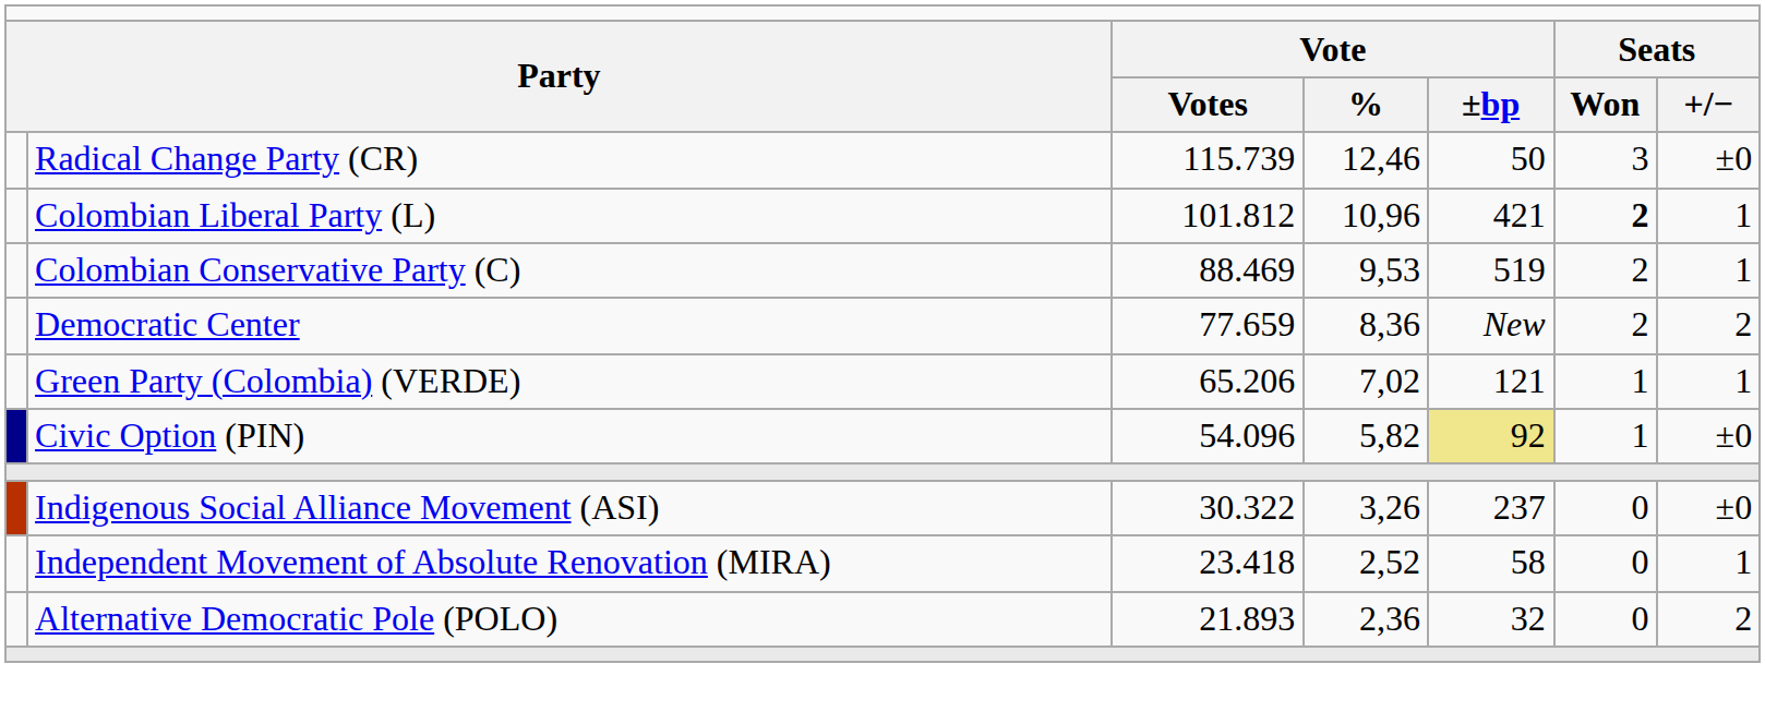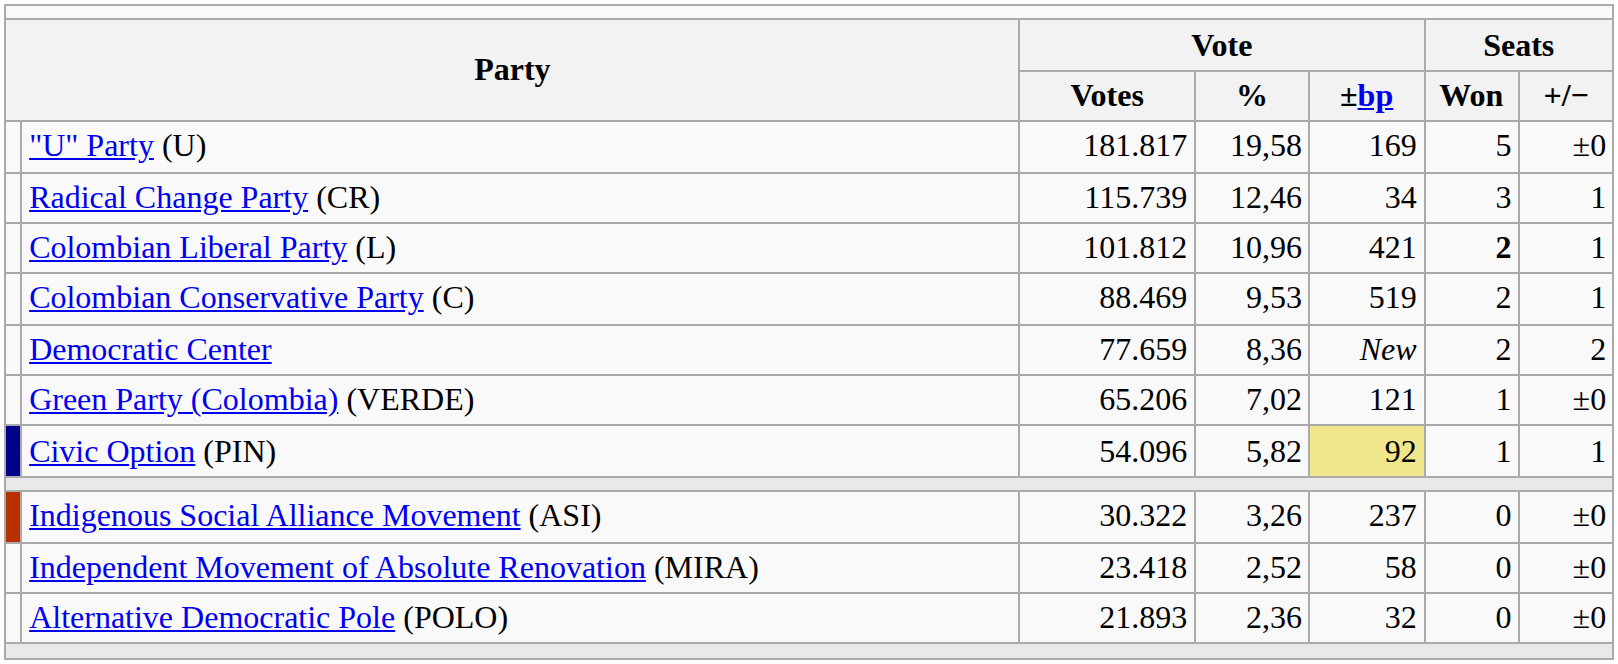 <table class="wikitable" style="text-align:right; font-size:100%; margin-bottom:0">
 <tr>
 <td colspan="7"></td>
 </tr>
 <tr>
 <th align="left" rowspan="2" colspan="2" width="500">Party</th>
 <th colspan="3">Vote</th>
 <th colspan="2">Seats</th>
 </tr>
 <tr>
 <th width="80">Votes</th>
 <th width="50">%</th>
 <th width="50">±<a href='#'>bp</a></th>
 <th width="40">Won</th>
 <th width="40">+/−</th>
 </tr>
 <tr>
+<td width="1" style="color:inherit;background:"></td>
+<td align="left"><a href='#'>"U" Party</a> (U)</td>
+<td>181.817</td>
+<td>19,58</td>
+<td>169</td>
+<td>5</td>
+<td>±0</td>
+</tr>
+<tr>
 <td style="color:inherit;background:"></td>
 <td align="left"><a href='#'>Radical Change Party</a> (CR)</td>
 <td>115.739</td>
 <td>12,46</td>
-<td>50</td>
+<td>34</td>
 <td>3</td>
-<td>±0</td>
+<td>1</td>
 </tr>
 <tr>
 <td style="color:inherit;background:"></td>
 <td align="left"><a href='#'>Colombian Liberal Party</a> (L)</td>
 <td>101.812</td>
 <td>10,96</td>
 <td>421</td>
 <td><strong>2</strong></td>
 <td>1</td>
 </tr>
 <tr>
 <td style="color:inherit;background:"></td>
 <td align="left"><a href='#'>Colombian Conservative Party</a> (C)</td>
 <td>88.469</td>
 <td>9,53</td>
 <td>519</td>
 <td>2</td>
 <td>1</td>
 </tr>
 <tr>
 <td style="color:inherit;background:"></td>
 <td align="left"><a href='#'>Democratic Center</a></td>
 <td>77.659</td>
 <td>8,36</td>
 <td><em>New</em></td>
 <td>2</td>
 <td> 2</td>
 </tr>
 <tr>
 <td style="color:inherit;background:"></td>
 <td align="left"><a href='#'>Green Party (Colombia)</a> (VERDE)</td>
 <td>65.206</td>
 <td>7,02</td>
 <td> 121</td>
 <td>1</td>
-<td>1</td>
+<td>±0</td>
 </tr>
 <tr>
 <td style="color:inherit;background:#00008B"></td>
 <td align="left"><a href='#'>Civic Option</a> (PIN)</td>
 <td>54.096</td>
 <td>5,82</td>
 <td style="background: khaki;"> 92</td>
 <td>1</td>
-<td>±0</td>
+<td>1</td>
 </tr>
 <tr>
 <td colspan="7" bgcolor="#E9E9E9"></td>
 </tr>
 <tr>
 <td style="color:inherit;background:#B93000"></td>
 <td align="left"><a href='#'>Indigenous Social Alliance Movement</a> (ASI)</td>
 <td>30.322</td>
 <td>3,26</td>
 <td> 237</td>
 <td>0</td>
 <td>±0</td>
 </tr>
 <tr>
 <td style="color:inherit;background:"></td>
 <td align="left"><a href='#'>Independent Movement of Absolute Renovation</a> (MIRA)</td>
 <td>23.418</td>
 <td>2,52</td>
 <td>58</td>
 <td>0</td>
-<td>1</td>
+<td>±0</td>
 </tr>
 <tr>
 <td style="color:inherit;background:"></td>
 <td align="left"><a href='#'>Alternative Democratic Pole</a> (POLO)</td>
 <td>21.893</td>
 <td>2,36</td>
 <td>32</td>
 <td>0</td>
-<td> 2</td>
+<td>±0</td>
 </tr>
 <tr>
 <td colspan="7" bgcolor="#E9E9E9"></td>
 </tr>
 </table>
